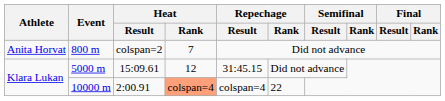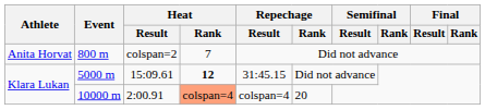 <table class="wikitable" style="font-size:90%">
 <tr>
 <th rowspan="2">Athlete</th>
 <th rowspan="2">Event</th>
 <th colspan="2">Heat</th>
 <th colspan="2">Repechage</th>
 <th colspan="2">Semifinal</th>
 <th colspan="2">Final</th>
 </tr>
 <tr style="font-size:95%">
 <th>Result</th>
 <th>Rank</th>
 <th>Result</th>
 <th>Rank</th>
 <th>Result</th>
 <th>Rank</th>
 <th>Result</th>
 <th>Rank</th>
 </tr>
 <tr align=center>
 <td align=left><a href='#'>Anita Horvat</a></td>
 <td align=left><a href='#'>800 m</a></td>
 <td>colspan=2 </td>
 <td>7</td>
 <td colspan="6">Did not advance</td>
 </tr>
 <tr align=center>
 <td align=left rowspan=2><a href='#'>Klara Lukan</a></td>
 <td align=left><a href='#'>5000 m</a></td>
 <td>15:09.61</td>
-<td>12</td>
+<td><strong>12</strong></td>
 <td>31:45.15</td>
 <td colspan="2">Did not advance</td>
 </tr>
 <tr>
 <td align=left><a href='#'>10000 m</a></td>
 <td>2:00.91</td>
 <td style="background: lightsalmon;">colspan=4 </td>
 <td>colspan=4 </td>
-<td>22</td>
+<td>20</td>
 </tr>
 </table>
